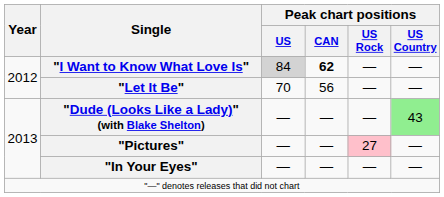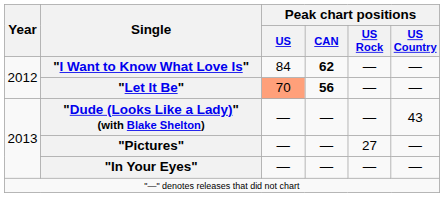 <table class="wikitable plainrowheaders" style="text-align:center;">
 <tr>
 <th rowspan="2">Year</th>
 <th rowspan="2" style="width:16em;">Single</th>
 <th colspan="4">Peak chart positions</th>
 </tr>
 <tr style="font-size:smaller;">
 <th style="width:45px;"><a href='#'>US</a></th>
 <th style="width:45px;"><a href='#'>CAN</a></th>
 <th style="width:45px;"><a href='#'>US Rock</a></th>
 <th style="width:45px;"><a href='#'>US Country</a></th>
 </tr>
 <tr>
 <td rowspan="2">2012</td>
 <th scope="row">"<a href='#'>I Want to Know What Love Is</a>"</th>
-<td style="background: lightgrey;">84</td>
+<td>84</td>
 <td><strong>62</strong></td>
 <td>—</td>
 <td>—</td>
 </tr>
 <tr>
 <th scope="row">"<a href='#'>Let It Be</a>"</th>
-<td>70</td>
-<td>56</td>
+<td style="background: lightsalmon;">70</td>
+<td><strong>56</strong></td>
 <td>—</td>
 <td>—</td>
 </tr>
 <tr>
 <td rowspan="3">2013</td>
 <th scope="row">"<a href='#'>Dude (Looks Like a Lady)</a>"<br><small>(with <a href='#'>Blake Shelton</a>)</small></th>
 <td>—</td>
 <td>—</td>
 <td>—</td>
-<td style="background: lightgreen;">43</td>
+<td>43</td>
 </tr>
 <tr>
 <th scope="row">"Pictures"</th>
 <td>—</td>
 <td>—</td>
-<td style="background: pink;">27</td>
+<td>27</td>
 <td>—</td>
 </tr>
 <tr>
 <th scope="row">"In Your Eyes"</th>
 <td>—</td>
 <td>—</td>
 <td>—</td>
 <td>—</td>
 </tr>
 <tr>
 <td colspan="6" style="font-size:8pt">"—" denotes releases that did not chart</td>
 </tr>
 </table>
